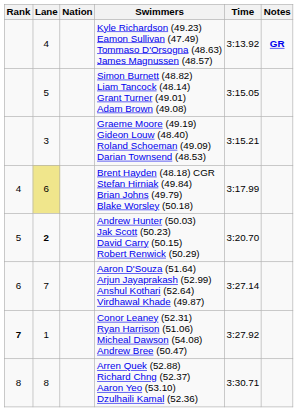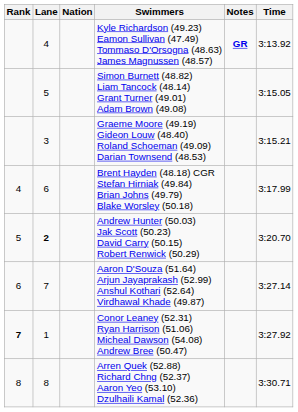 <table class="wikitable sortable" style="text-align:center">
 <tr>
 <th>Rank</th>
 <th>Lane</th>
 <th>Nation</th>
 <th>Swimmers</th>
+<th>Notes</th>
 <th>Time</th>
-<th>Notes</th>
 </tr>
 <tr>
 <td></td>
 <td>4</td>
 <td align=left></td>
 <td align=left><a href='#'>Kyle Richardson</a> (49.23)<br> <a href='#'>Eamon Sullivan</a> (47.49)<br> <a href='#'>Tommaso D'Orsogna</a> (48.63)<br> <a href='#'>James Magnussen</a> (48.57)</td>
+<td><strong><a href='#'>GR</a></strong></td>
 <td>3:13.92</td>
-<td><strong><a href='#'>GR</a></strong></td>
 </tr>
 <tr>
 <td></td>
 <td>5</td>
 <td align=left></td>
 <td align=left><a href='#'>Simon Burnett</a> (48.82)<br> <a href='#'>Liam Tancock</a> (48.14)<br> <a href='#'>Grant Turner</a> (49.01)<br> <a href='#'>Adam Brown</a> (49.08)</td>
+<td></td>
 <td>3:15.05</td>
-<td></td>
 </tr>
 <tr>
 <td></td>
 <td>3</td>
 <td align=left></td>
 <td align=left><a href='#'>Graeme Moore</a> (49.19)<br> <a href='#'>Gideon Louw</a> (48.40)<br> <a href='#'>Roland Schoeman</a> (49.09)<br> <a href='#'>Darian Townsend</a> (48.53)</td>
+<td></td>
 <td>3:15.21</td>
-<td></td>
 </tr>
 <tr>
 <td>4</td>
-<td style="background: khaki;">6</td>
+<td>6</td>
 <td align=left></td>
 <td align=left><a href='#'>Brent Hayden</a> (48.18) CGR<br> <a href='#'>Stefan Hirniak</a> (49.84)<br> <a href='#'>Brian Johns</a> (49.79)<br> <a href='#'>Blake Worsley</a> (50.18)</td>
+<td></td>
 <td>3:17.99</td>
-<td></td>
 </tr>
 <tr>
 <td>5</td>
 <td><strong>2</strong></td>
 <td align=left></td>
 <td align=left><a href='#'>Andrew Hunter</a> (50.03)<br> <a href='#'>Jak Scott</a> (50.23)<br> <a href='#'>David Carry</a> (50.15)<br> <a href='#'>Robert Renwick</a> (50.29)</td>
+<td></td>
 <td>3:20.70</td>
-<td></td>
 </tr>
 <tr>
 <td>6</td>
 <td>7</td>
 <td align=left></td>
 <td align=left><a href='#'>Aaron D'Souza</a> (51.64)<br> <a href='#'>Arjun Jayaprakash</a> (52.99)<br> <a href='#'>Anshul Kothari</a> (52.64)<br> <a href='#'>Virdhawal Khade</a> (49.87)</td>
+<td></td>
 <td>3:27.14</td>
-<td></td>
 </tr>
 <tr>
 <td><strong>7</strong></td>
 <td>1</td>
 <td align=left></td>
 <td align=left><a href='#'>Conor Leaney</a> (52.31)<br> <a href='#'>Ryan Harrison</a> (51.06)<br> <a href='#'>Micheal Dawson</a> (54.08)<br> <a href='#'>Andrew Bree</a> (50.47)</td>
+<td></td>
 <td>3:27.92</td>
-<td></td>
 </tr>
 <tr>
 <td>8</td>
 <td>8</td>
 <td align=left></td>
 <td align=left><a href='#'>Arren Quek</a> (52.88)<br> <a href='#'>Richard Chng</a> (52.37)<br> <a href='#'>Aaron Yeo</a> (53.10)<br> <a href='#'>Dzulhaili Kamal</a> (52.36)</td>
+<td></td>
 <td>3:30.71</td>
-<td></td>
 </tr>
 </table>
